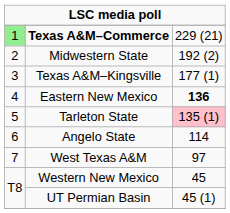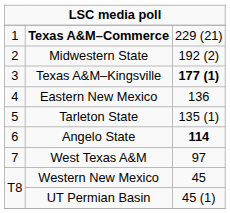 <table class="wikitable" style="display: inline-table;">
 <tr>
 <td align="center" Colspan="3"><strong>LSC media poll</strong></td>
 </tr>
 <tr align="center">
 </tr>
 <tr align="center">
-<td style="background: lightgreen;">1</td>
+<td>1</td>
 <td><strong>Texas A&M–Commerce</strong></td>
 <td>229 (21)</td>
 </tr>
 <tr align="center">
 <td>2</td>
 <td>Midwestern State</td>
 <td>192 (2)</td>
 </tr>
 <tr align="center">
 <td>3</td>
 <td>Texas A&M–Kingsville</td>
-<td>177 (1)</td>
+<td><strong>177 (1)</strong></td>
 </tr>
 <tr align="center">
 <td>4</td>
 <td>Eastern New Mexico</td>
-<td><strong>136</strong></td>
+<td>136</td>
 </tr>
 <tr align="center">
 <td>5</td>
 <td>Tarleton State</td>
-<td style="background: pink;">135 (1)</td>
+<td>135 (1)</td>
 </tr>
 <tr align="center">
 <td>6</td>
 <td>Angelo State</td>
-<td>114</td>
+<td><strong>114</strong></td>
 </tr>
 <tr align="center">
 <td>7</td>
 <td>West Texas A&M</td>
 <td>97</td>
 </tr>
 <tr align="center">
 <td rowspan=2>T8</td>
 <td>Western New Mexico</td>
 <td>45</td>
 </tr>
 <tr align="center">
 <td>UT Permian Basin</td>
 <td>45 (1)</td>
 </tr>
 <tr>
 </tr>
 </table>
